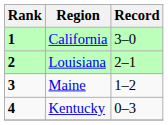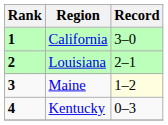 <table class="wikitable">
 <tr>
 <th>Rank</th>
 <th>Region</th>
 <th>Record</th>
 </tr>
 <tr bgcolor=#bbffbb>
 <td><strong>1</strong></td>
 <td> <a href='#'>California</a></td>
 <td>3–0</td>
 </tr>
 <tr bgcolor=#bbffbb>
 <td><strong>2</strong></td>
 <td> <a href='#'>Louisiana</a></td>
 <td>2–1</td>
 </tr>
 <tr>
 <td><strong>3</strong></td>
 <td> <a href='#'>Maine</a></td>
-<td>1–2</td>
+<td style="background: lightyellow;">1–2</td>
 </tr>
 <tr>
 <td><strong>4</strong></td>
 <td> <a href='#'>Kentucky</a></td>
 <td>0–3</td>
 </tr>
 <tr>
 </tr>
 </table>
